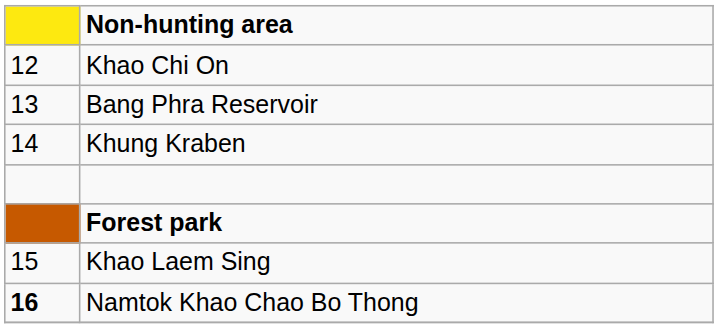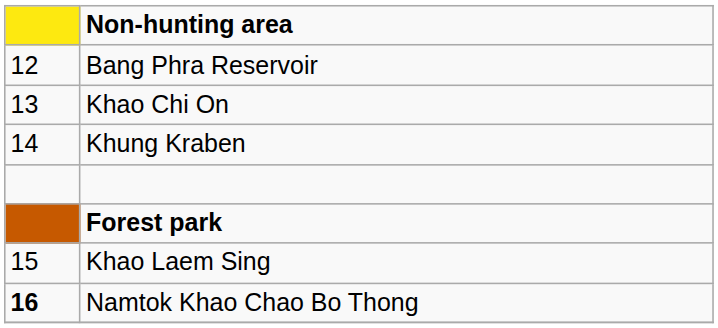 <table class= "wikitable" style= "width:36%; display:inline-table;">
 <tr>
 <td style="width:3%; background:#FDE910;"> </td>
 <td style="width:33%;"><strong>Non-hunting area</strong></td>
 </tr>
 <tr>
 <td>12</td>
-<td>Khao Chi On</td>
+<td>Bang Phra Reservoir</td>
 </tr>
 <tr>
 <td>13</td>
-<td>Bang Phra Reservoir</td>
+<td>Khao Chi On</td>
 </tr>
 <tr>
 <td>14</td>
 <td>Khung Kraben</td>
 </tr>
 <tr>
 <td>  </td>
 </tr>
 <tr>
 <td style="width:3%; background:#C65900;"> </td>
 <td style="width:27%;"><strong>Forest park</strong></td>
 </tr>
 <tr>
 <td>15</td>
 <td>Khao Laem Sing</td>
 </tr>
 <tr>
 <td><strong>16</strong></td>
 <td>Namtok Khao Chao Bo Thong</td>
 </tr>
 <tr>
 </tr>
 </table>
